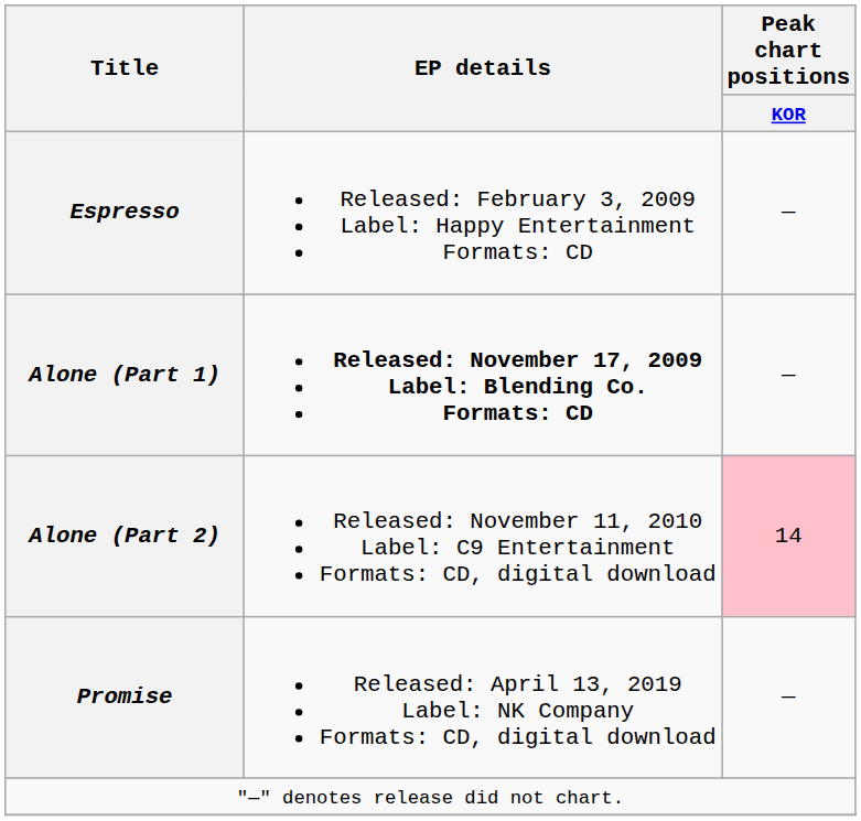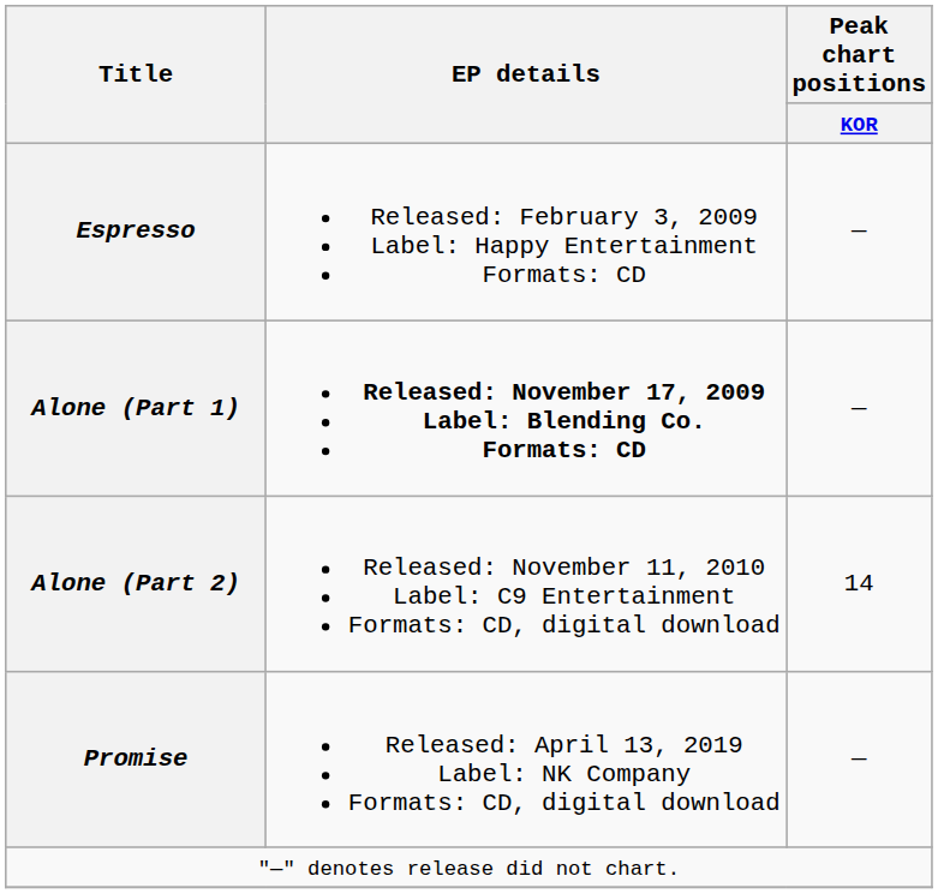 <table class="wikitable plainrowheaders" style="text-align:center;">
 <tr>
 <th scope="col" rowspan="2" style="width:10em;">Title</th>
 <th scope="col" rowspan="2">EP details</th>
 <th scope="col" colspan="1" style="width:5em;">Peak chart positions</th>
 </tr>
 <tr>
 <th><small><a href='#'>KOR</a></small><br></th>
 </tr>
 <tr>
 <th scope="row"><em>Espresso</em></th>
 <td><br><ul><li>Released: February 3, 2009</li><li>Label: Happy Entertainment</li><li>Formats: CD</li></ul></td>
 <td>—</td>
 </tr>
 <tr>
 <th scope="row"><em>Alone (Part 1)</em></th>
 <td><strong><br><ul><li>Released: November 17, 2009</li><li>Label: Blending Co.</li><li>Formats: CD</li></ul></strong></td>
 <td>—</td>
 </tr>
 <tr>
 <th scope="row"><em>Alone (Part 2)</em></th>
 <td><br><ul><li>Released: November 11, 2010</li><li>Label: C9 Entertainment</li><li>Formats: CD, digital download</li></ul></td>
-<td style="background: pink;">14</td>
+<td>14</td>
 </tr>
 <tr>
 <th scope="row"><em>Promise</em></th>
 <td><br><ul><li>Released: April 13, 2019</li><li>Label: NK Company</li><li>Formats: CD, digital download</li></ul></td>
 <td>—</td>
 </tr>
 <tr>
 <td colspan="4" align="center"><small>"—" denotes release did not chart.</small></td>
 </tr>
 <tr>
 </tr>
 </table>
